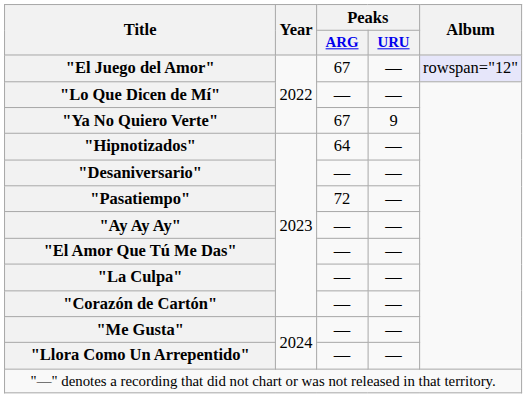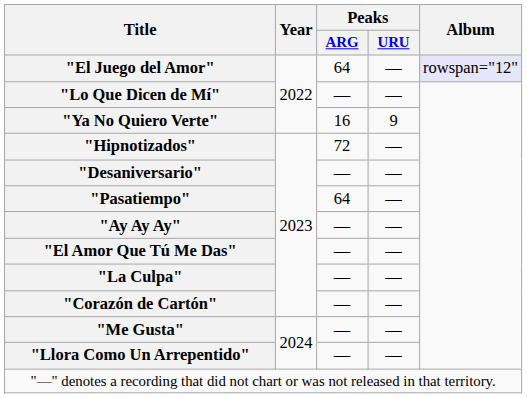 <table class="wikitable plainrowheaders" style="text-align:center;">
 <tr>
 <th scope="col" rowspan="2" style="width:16em;">Title</th>
 <th scope="col" rowspan="2">Year</th>
 <th scope="col" colspan="2">Peaks</th>
 <th scope="col" rowspan="2">Album</th>
 </tr>
 <tr>
 <th scope="col" style="width:3em;font-size:90%;"><a href='#'>ARG</a><br></th>
 <th scope="col" style="width:3em;font-size:90%;"><a href='#'>URU</a><br></th>
 </tr>
 <tr>
 <th scope="row">"El Juego del Amor"<br></th>
 <td rowspan="3">2022</td>
-<td>67</td>
+<td>64</td>
 <td>—</td>
 <td style="background: lavender;">rowspan="12" </td>
 </tr>
 <tr>
 <th scope="row">"Lo Que Dicen de Mí"</th>
 <td>—</td>
 <td>—</td>
 </tr>
 <tr>
 <th scope="row">"Ya No Quiero Verte"<br></th>
-<td>67</td>
+<td>16</td>
 <td>9</td>
 </tr>
 <tr>
 <th scope="row">"Hipnotizados"<br></th>
 <td rowspan="7">2023</td>
-<td>64</td>
+<td>72</td>
 <td>—</td>
 </tr>
 <tr>
 <th scope="row">"Desaniversario"</th>
 <td>—</td>
 <td>—</td>
 </tr>
 <tr>
 <th scope="row">"Pasatiempo"<br></th>
-<td>72</td>
+<td>64</td>
 <td>—</td>
 </tr>
 <tr>
 <th scope="row">"Ay Ay Ay"</th>
 <td>—</td>
 <td>—</td>
 </tr>
 <tr>
 <th scope="row">"El Amor Que Tú Me Das"<br></th>
 <td>—</td>
 <td>—</td>
 </tr>
 <tr>
 <th scope="row">"La Culpa"<br></th>
 <td>—</td>
 <td>—</td>
 </tr>
 <tr>
 <th scope="row">"Corazón de Cartón"</th>
 <td>—</td>
 <td>—</td>
 </tr>
 <tr>
 <th scope="row">"Me Gusta"<br></th>
 <td rowspan="2">2024</td>
 <td>—</td>
 <td>—</td>
 </tr>
 <tr>
 <th scope="row">"Llora Como Un Arrepentido"<br></th>
 <td>—</td>
 <td>—</td>
 </tr>
 <tr>
 <td colspan="14" style="font-size:90%">"—" denotes a recording that did not chart or was not released in that territory.</td>
 </tr>
 </table>
